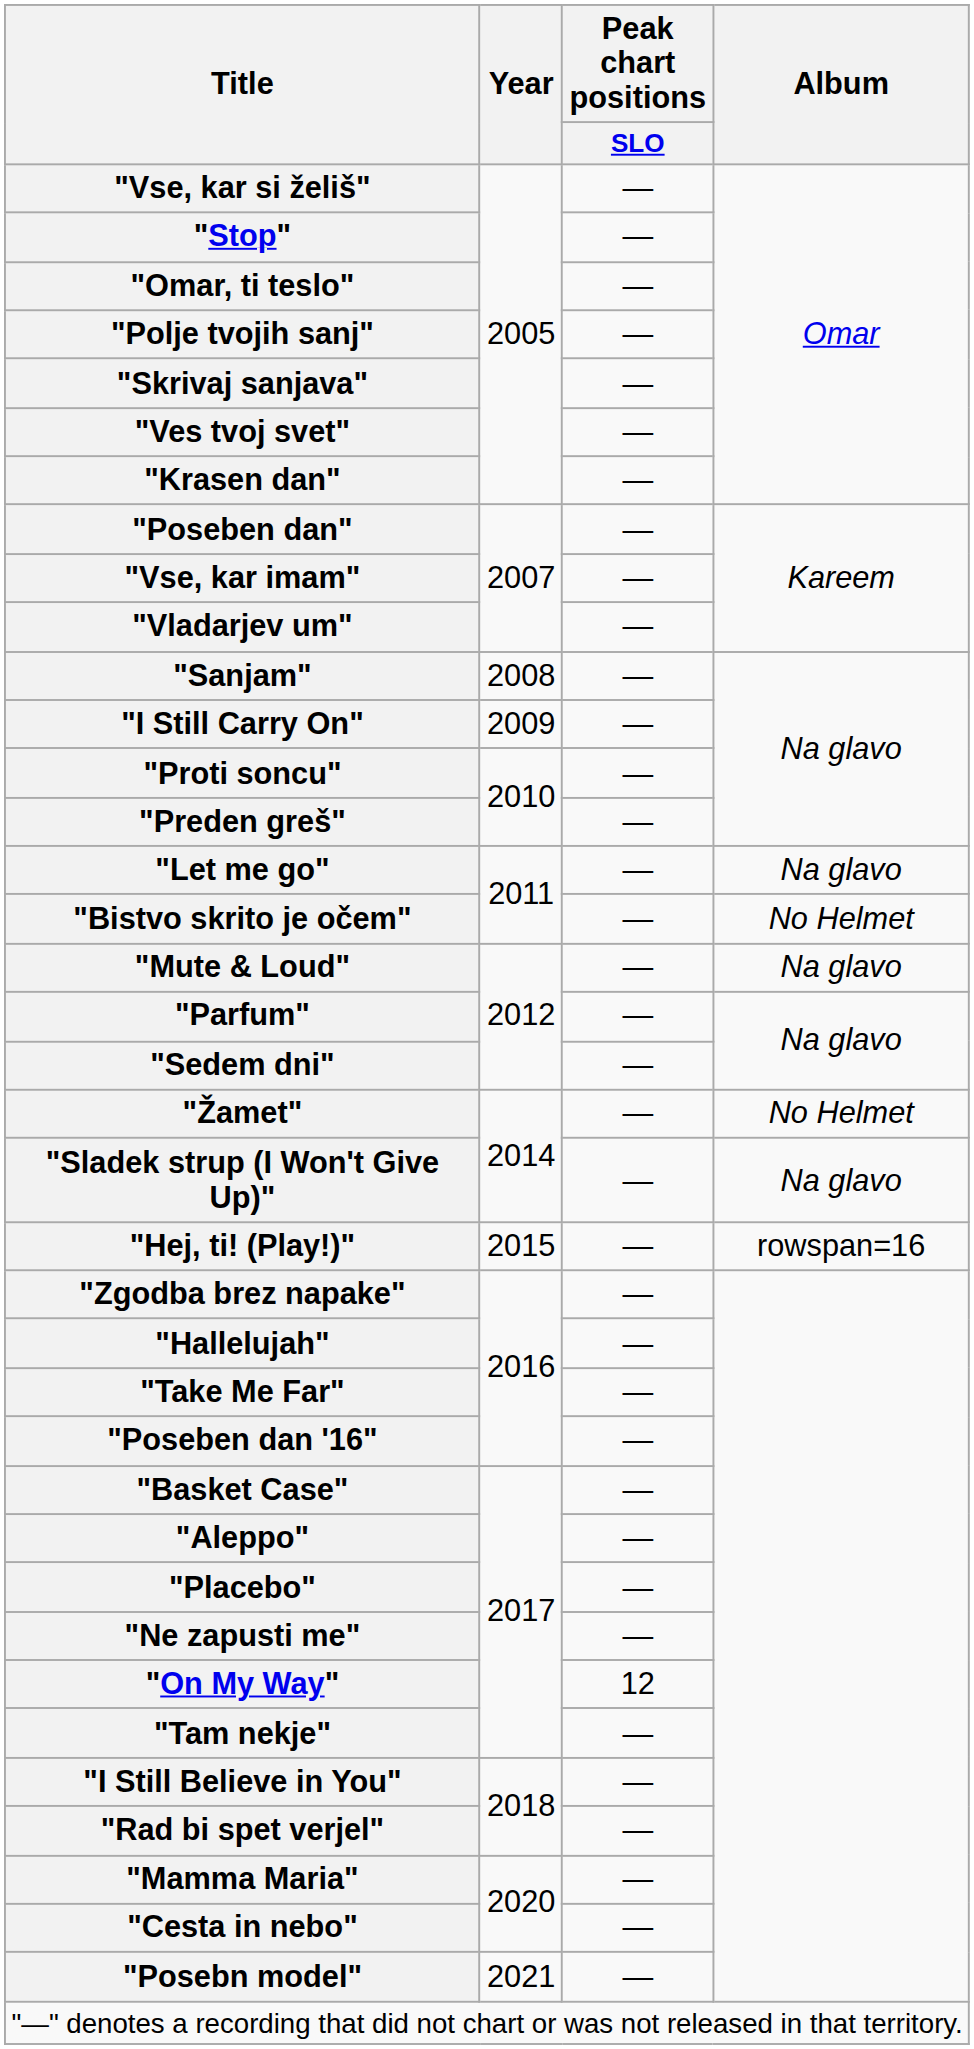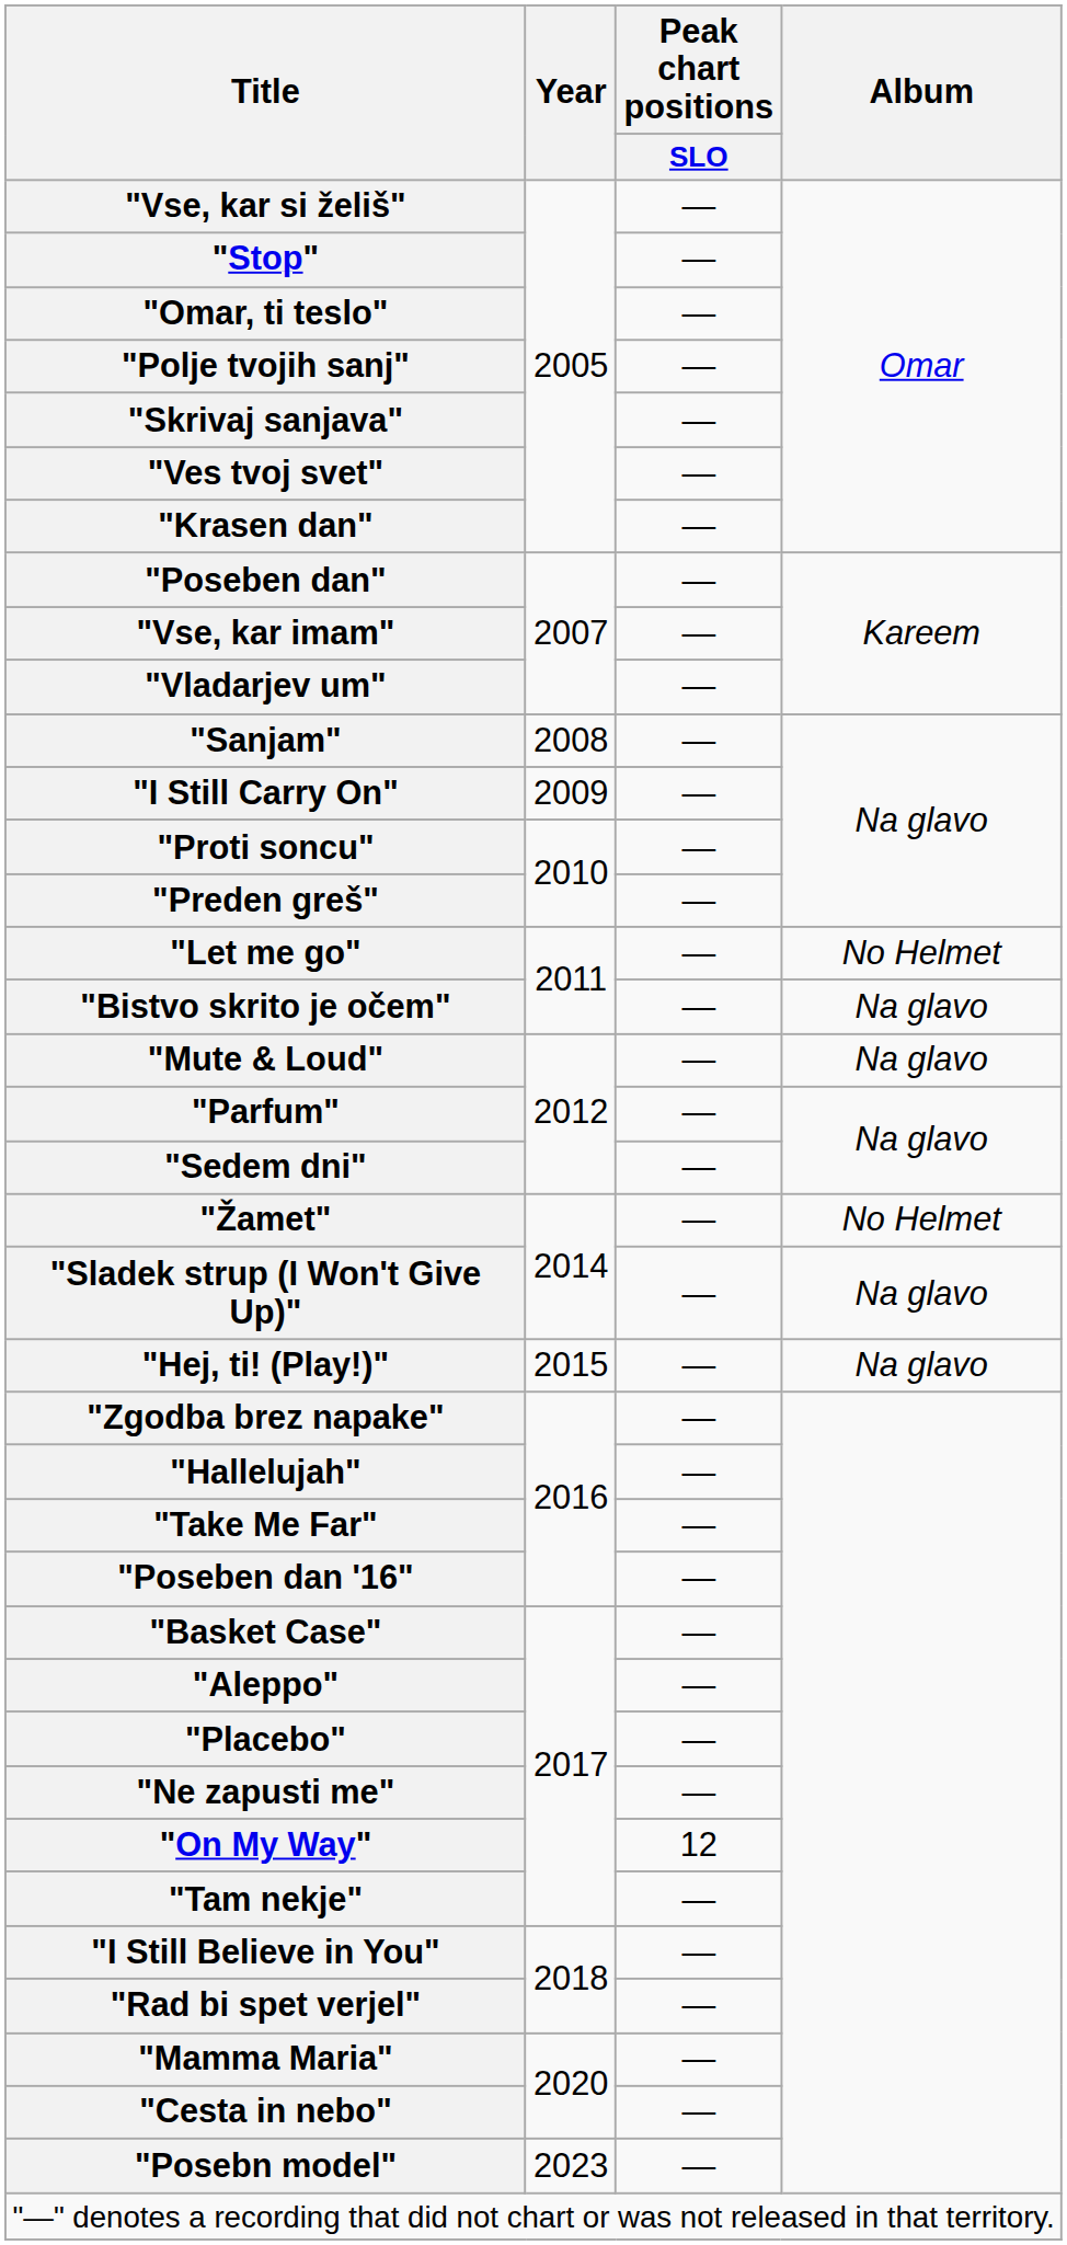 <table class="wikitable plainrowheaders" style="text-align:center;">
 <tr>
 <th scope="col" rowspan="2" style="width:15em;">Title</th>
 <th scope="col" rowspan="2" style="width:1em;">Year</th>
 <th scope="col" colspan="1">Peak chart positions</th>
 <th scope="col" rowspan="2">Album</th>
 </tr>
 <tr>
 <th scope="col" style="width:3em;font-size:85%;"><a href='#'>SLO</a></th>
 </tr>
 <tr>
 <th scope="row">"Vse, kar si želiš"</th>
 <td rowspan=7>2005</td>
 <td>—</td>
 <td rowspan=7><em><a href='#'>Omar</a></em></td>
 </tr>
 <tr>
 <th scope="row">"<a href='#'>Stop</a>"</th>
 <td>—</td>
 </tr>
 <tr>
 <th scope="row">"Omar, ti teslo"</th>
 <td>—</td>
 </tr>
 <tr>
 <th scope="row">"Polje tvojih sanj"</th>
 <td>—</td>
 </tr>
 <tr>
 <th scope="row">"Skrivaj sanjava"</th>
 <td>—</td>
 </tr>
 <tr>
 <th scope="row">"Ves tvoj svet"</th>
 <td>—</td>
 </tr>
 <tr>
 <th scope="row">"Krasen dan"</th>
 <td>—</td>
 </tr>
 <tr>
 <th scope="row">"Poseben dan"</th>
 <td rowspan=3>2007</td>
 <td>—</td>
 <td rowspan=3><em>Kareem</em></td>
 </tr>
 <tr>
 <th scope="row">"Vse, kar imam"</th>
 <td>—</td>
 </tr>
 <tr>
 <th scope="row">"Vladarjev um"</th>
 <td>—</td>
 </tr>
 <tr>
 <th scope="row">"Sanjam"</th>
 <td>2008</td>
 <td>—</td>
 <td rowspan=4><em>Na glavo</em></td>
 </tr>
 <tr>
 <th scope="row">"I Still Carry On"</th>
 <td>2009</td>
 <td>—</td>
 </tr>
 <tr>
 <th scope="row">"Proti soncu"</th>
 <td rowspan=2>2010</td>
 <td>—</td>
 </tr>
 <tr>
 <th scope="row">"Preden greš"</th>
 <td>—</td>
 </tr>
 <tr>
 <th scope="row">"Let me go"</th>
 <td rowspan=2>2011</td>
 <td>—</td>
-<td><em>Na glavo</em></td>
+<td><em>No Helmet</em></td>
 </tr>
 <tr>
 <th scope="row">"Bistvo skrito je očem"</th>
 <td>—</td>
-<td><em>No Helmet</em></td>
+<td><em>Na glavo</em></td>
 </tr>
 <tr>
 <th scope="row">"Mute & Loud"</th>
 <td rowspan=3>2012</td>
 <td>—</td>
 <td><em>Na glavo</em></td>
 </tr>
 <tr>
 <th scope="row">"Parfum"</th>
 <td>—</td>
 <td rowspan=2><em>Na glavo</em></td>
 </tr>
 <tr>
 <th scope="row">"Sedem dni"</th>
 <td>—</td>
 </tr>
 <tr>
 <th scope="row">"Žamet"</th>
 <td rowspan=2>2014</td>
 <td>—</td>
 <td><em>No Helmet</em></td>
 </tr>
 <tr>
 <th scope="row">"Sladek strup (I Won't Give Up)"</th>
 <td>—</td>
 <td><em>Na glavo</em></td>
 </tr>
 <tr>
 <th scope="row">"Hej, ti! (Play!)"</th>
 <td>2015</td>
 <td>—</td>
-<td>rowspan=16 </td>
+<td><em>Na glavo</em></td>
 </tr>
 <tr>
 <th scope="row">"Zgodba brez napake"</th>
 <td rowspan="4">2016</td>
 <td>—</td>
 </tr>
 <tr>
 <th scope="row">"Hallelujah"</th>
 <td>—</td>
 </tr>
 <tr>
 <th scope="row">"Take Me Far"</th>
 <td>—</td>
 </tr>
 <tr>
 <th scope="row">"Poseben dan '16"</th>
 <td>—</td>
 </tr>
 <tr>
 <th scope="row">"Basket Case"</th>
 <td rowspan="6">2017</td>
 <td>—</td>
 </tr>
 <tr>
 <th scope="row">"Aleppo"</th>
 <td>—</td>
 </tr>
 <tr>
 <th scope="row">"Placebo"</th>
 <td>—</td>
 </tr>
 <tr>
 <th scope="row">"Ne zapusti me"</th>
 <td>—</td>
 </tr>
 <tr>
 <th scope="row">"<a href='#'>On My Way</a>"</th>
 <td>12</td>
 </tr>
 <tr>
 <th scope="row">"Tam nekje"</th>
 <td>—</td>
 </tr>
 <tr>
 <th scope="row">"I Still Believe in You"</th>
 <td rowspan="2">2018</td>
 <td>—</td>
 </tr>
 <tr>
 <th scope="row">"Rad bi spet verjel"</th>
 <td>—</td>
 </tr>
 <tr>
 <th scope="row">"Mamma Maria"</th>
 <td rowspan="2">2020</td>
 <td>—</td>
 </tr>
 <tr>
 <th scope="row">"Cesta in nebo"</th>
 <td>—</td>
 </tr>
 <tr>
 <th scope="row">"Posebn model"</th>
-<td>2021</td>
+<td>2023</td>
 <td>—</td>
 </tr>
 <tr>
 <td colspan="14" style="font-size:90%">"—" denotes a recording that did not chart or was not released in that territory.</td>
 </tr>
 </table>
